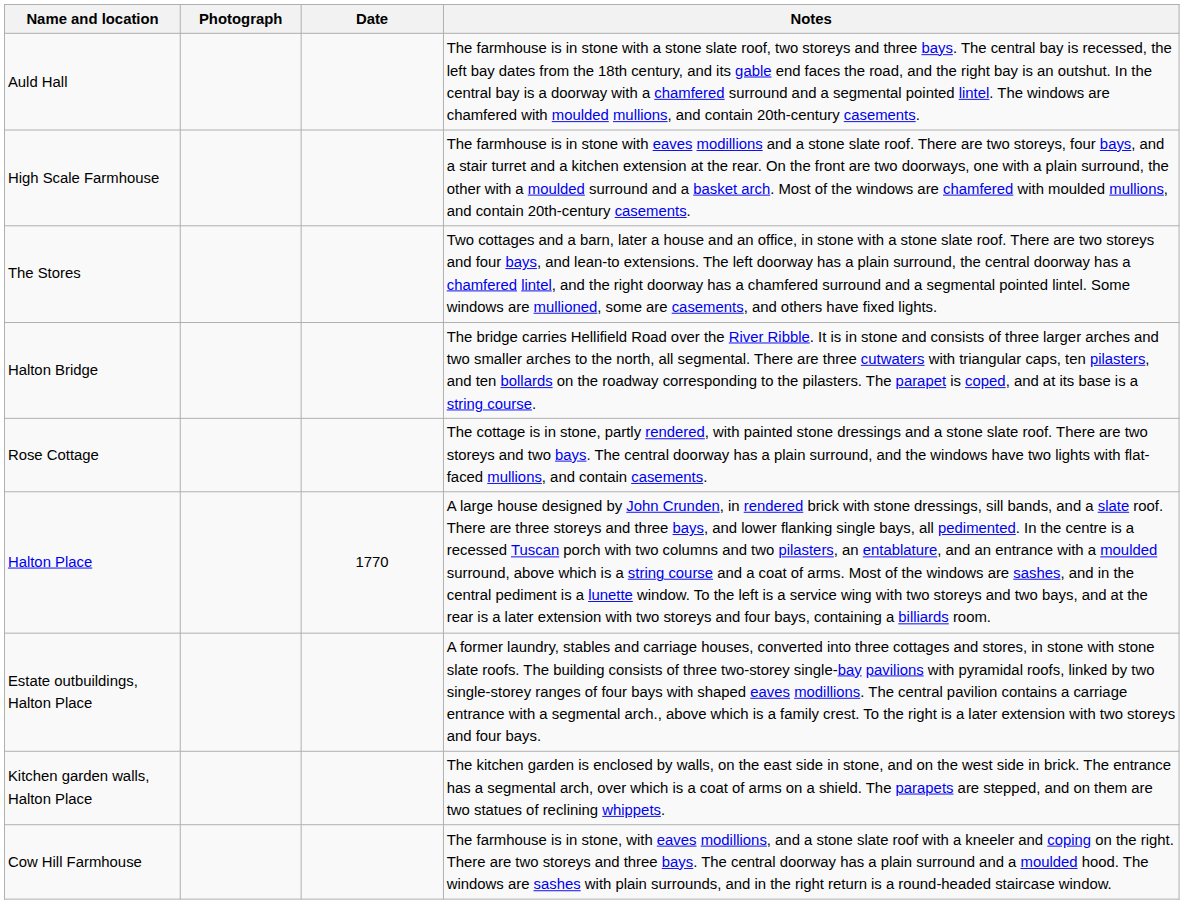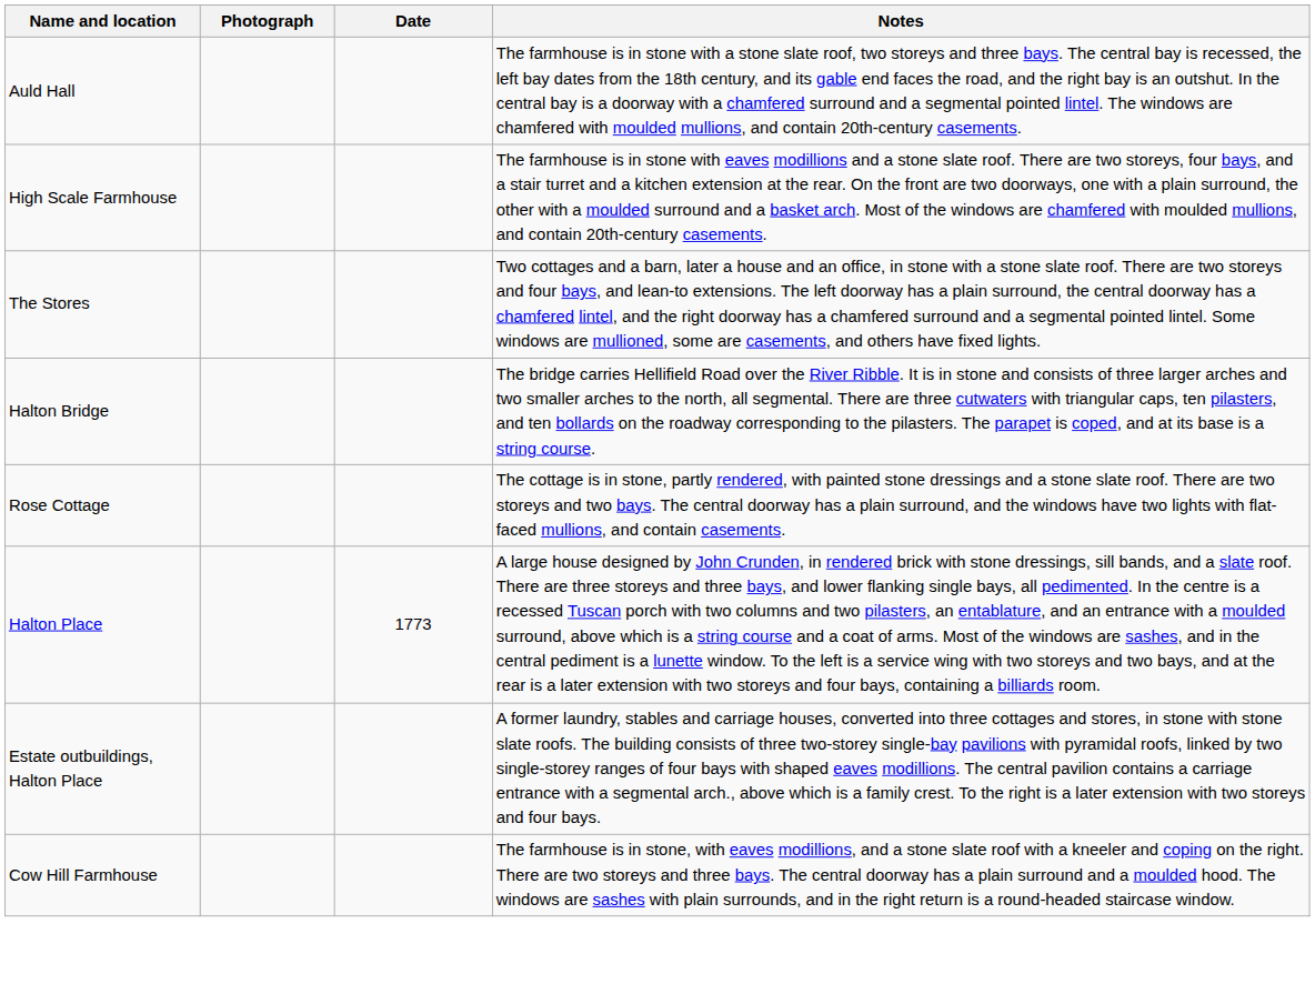 <table class="wikitable sortable plainrowheaders" style="width:100%;border:0px;text-align:left;line-height:150%;">
 <tr>
 <th scope="col"  style="width:150px">Name and location</th>
 <th scope="col"  style="width:100px" class="unsortable">Photograph</th>
 <th scope="col"  style="width:120px">Date</th>
 <th scope="col"  style="width:650px" class="unsortable">Notes</th>
 </tr>
 <tr>
 <td>Auld Hall<br><small></small></td>
 <td></td>
 <td align="center"></td>
 <td>The farmhouse is in stone with a stone slate roof, two storeys and three <a href='#'>bays</a>.  The central bay is recessed, the left bay dates from the 18th century, and its <a href='#'>gable</a> end faces the road, and the right bay is an outshut.  In the central bay is a doorway with a <a href='#'>chamfered</a> surround and a segmental pointed <a href='#'>lintel</a>.  The windows are chamfered with <a href='#'>moulded</a> <a href='#'>mullions</a>, and contain 20th-century <a href='#'>casements</a>.</td>
 </tr>
 <tr>
 <td>High Scale Farmhouse<br><small></small></td>
 <td></td>
 <td align="center"></td>
 <td>The farmhouse is in stone with <a href='#'>eaves</a> <a href='#'>modillions</a> and a stone slate roof.  There are two storeys, four <a href='#'>bays</a>, and a stair turret and a kitchen extension at the rear.  On the front are two doorways, one with a plain surround, the other with a <a href='#'>moulded</a> surround and a <a href='#'>basket arch</a>.  Most of the windows are <a href='#'>chamfered</a> with moulded <a href='#'>mullions</a>, and contain 20th-century <a href='#'>casements</a>.</td>
 </tr>
 <tr>
 <td>The Stores<br><small></small></td>
 <td></td>
 <td align="center"></td>
 <td>Two cottages and a barn, later a house and an office, in stone with a stone slate roof.  There are two storeys and four <a href='#'>bays</a>, and lean-to extensions.  The left doorway has a plain surround, the central doorway has a <a href='#'>chamfered</a> <a href='#'>lintel</a>, and the right doorway has a chamfered surround and a segmental  pointed lintel.  Some windows are <a href='#'>mullioned</a>, some are <a href='#'>casements</a>, and others have fixed lights.</td>
 </tr>
 <tr>
 <td>Halton Bridge<br><small></small></td>
 <td></td>
 <td align="center"></td>
 <td>The bridge carries Hellifield Road over the <a href='#'>River Ribble</a>.  It is in stone and consists of three larger arches and two smaller arches to the north, all segmental.  There are three <a href='#'>cutwaters</a> with triangular caps, ten <a href='#'>pilasters</a>, and ten <a href='#'>bollards</a> on the roadway corresponding to the pilasters.  The <a href='#'>parapet</a> is <a href='#'>coped</a>, and at its base is a <a href='#'>string course</a>.</td>
 </tr>
 <tr>
 <td>Rose Cottage<br><small></small></td>
 <td></td>
 <td align="center"></td>
 <td>The cottage is in stone, partly <a href='#'>rendered</a>, with painted stone dressings and a stone slate roof.  There are two storeys and two <a href='#'>bays</a>.  The central doorway has a plain surround, and the windows have two lights with flat-faced <a href='#'>mullions</a>, and contain <a href='#'>casements</a>.</td>
 </tr>
 <tr>
 <td><a href='#'>Halton Place</a><br><small></small></td>
 <td></td>
-<td align="center">1770</td>
+<td align="center">1773</td>
 <td>A large house designed by <a href='#'>John Crunden</a>, in <a href='#'>rendered</a> brick with stone dressings, sill bands, and a <a href='#'>slate</a> roof.  There are three storeys and three <a href='#'>bays</a>, and lower flanking single bays, all <a href='#'>pedimented</a>.  In the centre is a recessed <a href='#'>Tuscan</a> porch with two columns and two <a href='#'>pilasters</a>, an <a href='#'>entablature</a>, and an entrance with a <a href='#'>moulded</a> surround, above which is a <a href='#'>string course</a> and a coat of arms.  Most of the windows are <a href='#'>sashes</a>, and in the central pediment is a <a href='#'>lunette</a> window.  To the left is a service wing with two storeys and two bays, and at the rear is a later extension with two storeys and four bays, containing a <a href='#'>billiards</a> room.</td>
 </tr>
 <tr>
 <td>Estate outbuildings, Halton Place<br><small></small></td>
 <td></td>
 <td align="center"></td>
 <td>A former laundry, stables and carriage houses, converted into three cottages and stores, in stone with stone slate roofs.  The building consists of three two-storey single-<a href='#'>bay</a> <a href='#'>pavilions</a> with pyramidal roofs, linked by two single-storey ranges of four bays with shaped <a href='#'>eaves</a> <a href='#'>modillions</a>.  The central pavilion contains a carriage entrance with a segmental arch., above which is a family crest.  To the right is a later extension with two storeys and four bays.</td>
-</tr>
-<tr>
-<td>Kitchen garden walls, Halton Place<br><small></small></td>
-<td></td>
-<td align="center"></td>
-<td>The kitchen garden is enclosed by walls, on the east side in stone, and on the west side in brick.  The entrance has a segmental arch, over which is a coat of arms on a shield.  The <a href='#'>parapets</a> are stepped, and on them are two statues of reclining <a href='#'>whippets</a>.</td>
 </tr>
 <tr>
 <td>Cow Hill Farmhouse<br><small></small></td>
 <td></td>
 <td align="center"></td>
 <td>The farmhouse is in stone, with <a href='#'>eaves</a> <a href='#'>modillions</a>, and a stone slate roof with a kneeler and <a href='#'>coping</a> on the right.  There are two storeys and three <a href='#'>bays</a>.  The central doorway has a plain surround and a <a href='#'>moulded</a> hood.  The windows are <a href='#'>sashes</a> with plain surrounds, and in the right return is a round-headed staircase window.</td>
 </tr>
 <tr>
 </tr>
 </table>
